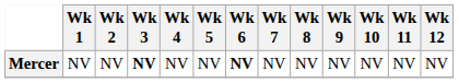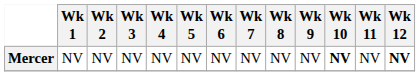 <table class="wikitable" style="white-space:nowrap;font-size:90%;text-align:center;">
 <tr>
 <th style="background:white; border-top-style:hidden; border-left-style:hidden;"> </th>
 <th>Wk<br> 1</th>
 <th>Wk<br>2</th>
 <th>Wk<br>3</th>
 <th>Wk<br>4</th>
 <th>Wk<br>5</th>
 <th>Wk<br>6</th>
 <th>Wk<br>7</th>
 <th>Wk<br>8</th>
 <th>Wk<br>9</th>
 <th>Wk<br>10</th>
 <th>Wk<br>11</th>
 <th>Wk<br>12</th>
 </tr>
 <tr>
 <th>Mercer</th>
 <td style="background:#FFF;">NV</td>
 <td style="background:#FFF;">NV</td>
-<td style="background:#FFF;"><strong>NV</strong></td>
-<td style="background:#FFF;">NV</td>
-<td style="background:#FFF;">NV</td>
-<td style="background:#FFF;"><strong>NV</strong></td>
 <td style="background:#FFF;">NV</td>
 <td style="background:#FFF;">NV</td>
 <td style="background:#FFF;">NV</td>
 <td style="background:#FFF;">NV</td>
 <td style="background:#FFF;">NV</td>
 <td style="background:#FFF;">NV</td>
+<td style="background:#FFF;">NV</td>
+<td style="background:#FFF;"><strong>NV</strong></td>
+<td style="background:#FFF;">NV</td>
+<td style="background:#FFF;"><strong>NV</strong></td>
 </tr>
 <tr>
 </tr>
 </table>
